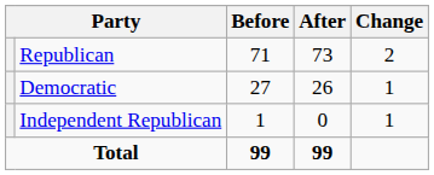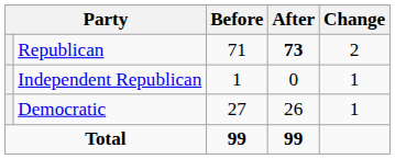 <table class="wikitable" style="text-align:center;">
 <tr>
 </tr>
 <tr>
 <th colspan=2>Party</th>
 <th>Before</th>
 <th>After</th>
 <th>Change</th>
 </tr>
 <tr>
 <th style="background-color:"></th>
 <td style="text-align:left;"><a href='#'>Republican</a></td>
 <td>71</td>
-<td>73</td>
+<td><strong>73</strong></td>
 <td> 2</td>
+</tr>
+<tr>
+<th style="background-color:"></th>
+<td style="text-align:left;"><a href='#'>Independent Republican</a></td>
+<td>1</td>
+<td>0</td>
+<td> 1</td>
 </tr>
 <tr>
 <th style="background-color:"></th>
 <td style="text-align:left;"><a href='#'>Democratic</a></td>
 <td>27</td>
 <td>26</td>
 <td> 1</td>
 </tr>
 <tr>
-<th style="background-color:"></th>
-<td style="text-align:left;"><a href='#'>Independent Republican</a></td>
-<td>1</td>
-<td>0</td>
-<td> 1</td>
-</tr>
-<tr>
 <td colspan=2><strong>Total</strong></td>
 <td><strong>99</strong></td>
 <td><strong>99</strong></td>
 <td></td>
 </tr>
 </table>
